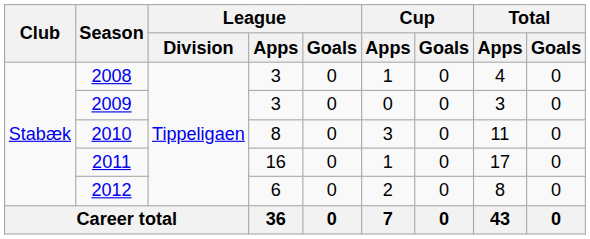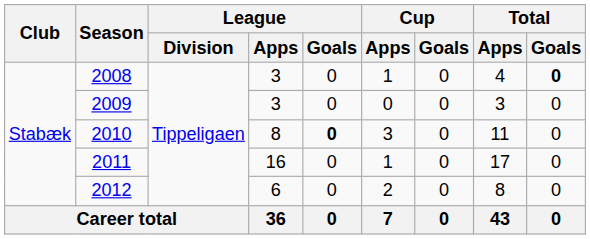 <table class="wikitable" style="text-align:center">
 <tr>
 <th rowspan="2">Club</th>
 <th rowspan="2">Season</th>
 <th colspan="3">League</th>
 <th colspan="2">Cup</th>
 <th colspan="2">Total</th>
 </tr>
 <tr>
 <th>Division</th>
 <th>Apps</th>
 <th>Goals</th>
 <th>Apps</th>
 <th>Goals</th>
 <th>Apps</th>
 <th>Goals</th>
 </tr>
 <tr>
 <td rowspan="5"><a href='#'>Stabæk</a></td>
 <td><a href='#'>2008</a></td>
 <td rowspan="5"><a href='#'>Tippeligaen</a></td>
 <td>3</td>
 <td>0</td>
 <td>1</td>
 <td>0</td>
 <td>4</td>
-<td>0</td>
+<td><strong>0</strong></td>
 </tr>
 <tr>
 <td><a href='#'>2009</a></td>
 <td>3</td>
 <td>0</td>
 <td>0</td>
 <td>0</td>
 <td>3</td>
 <td>0</td>
 </tr>
 <tr>
 <td><a href='#'>2010</a></td>
 <td>8</td>
-<td>0</td>
+<td><strong>0</strong></td>
 <td>3</td>
 <td>0</td>
 <td>11</td>
 <td>0</td>
 </tr>
 <tr>
 <td><a href='#'>2011</a></td>
 <td>16</td>
 <td>0</td>
 <td>1</td>
 <td>0</td>
 <td>17</td>
 <td>0</td>
 </tr>
 <tr>
 <td><a href='#'>2012</a></td>
 <td>6</td>
 <td>0</td>
 <td>2</td>
 <td>0</td>
 <td>8</td>
 <td>0</td>
 </tr>
 <tr>
 <th colspan="3">Career total</th>
 <th>36</th>
 <th>0</th>
 <th>7</th>
 <th>0</th>
 <th>43</th>
 <th>0</th>
 </tr>
 </table>
